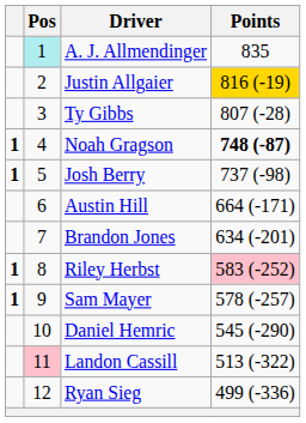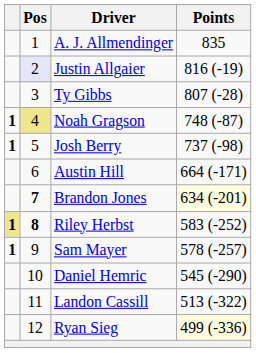 <table class="wikitable" style="font-size: 95%;">
 <tr>
 <th></th>
 <th>Pos</th>
 <th>Driver</th>
 <th>Points</th>
 </tr>
 <tr>
 <td align="left"></td>
-<td style="background: paleturquoise; text-align:center;">1</td>
+<td style="text-align:center;">1</td>
 <td><a href='#'>A. J. Allmendinger</a></td>
 <td style="text-align:center;">835</td>
 </tr>
 <tr>
 <td align="left"></td>
-<td style="text-align:center;">2</td>
+<td style="background: lavender; text-align:center;">2</td>
 <td><a href='#'>Justin Allgaier</a></td>
-<td style="background: gold; text-align:center;">816 (-19)</td>
+<td style="text-align:center;">816 (-19)</td>
 </tr>
 <tr>
 <td align="left"></td>
 <td style="text-align:center;">3</td>
 <td><a href='#'>Ty Gibbs</a></td>
 <td style="text-align:center;">807 (-28)</td>
 </tr>
 <tr>
 <td align="left"> <strong>1</strong></td>
-<td style="text-align:center;">4</td>
+<td style="background: khaki; text-align:center;">4</td>
 <td><a href='#'>Noah Gragson</a></td>
-<td style="text-align:center;"><strong>748 (-87)</strong></td>
+<td style="text-align:center;">748 (-87)</td>
 </tr>
 <tr>
 <td align="left"> <strong>1</strong></td>
 <td style="text-align:center;">5</td>
 <td><a href='#'>Josh Berry</a></td>
 <td style="text-align:center;">737 (-98)</td>
 </tr>
 <tr>
 <td align="left"></td>
 <td style="text-align:center;">6</td>
 <td><a href='#'>Austin Hill</a></td>
 <td style="text-align:center;">664 (-171)</td>
 </tr>
 <tr>
 <td align="left"></td>
-<td style="text-align:center;">7</td>
+<td style="text-align:center;"><strong>7</strong></td>
 <td><a href='#'>Brandon Jones</a></td>
-<td style="text-align:center;">634 (-201)</td>
+<td style="background: lightyellow; text-align:center;">634 (-201)</td>
 </tr>
 <tr>
-<td align="left"> <strong>1</strong></td>
-<td style="text-align:center;">8</td>
+<td align="left" style="background: khaki;"> <strong>1</strong></td>
+<td style="text-align:center;"><strong>8</strong></td>
 <td><a href='#'>Riley Herbst</a></td>
-<td style="background: pink; text-align:center;">583 (-252)</td>
+<td style="text-align:center;">583 (-252)</td>
 </tr>
 <tr>
 <td align="left"> <strong>1</strong></td>
 <td style="text-align:center;">9</td>
 <td><a href='#'>Sam Mayer</a></td>
 <td style="text-align:center;">578 (-257)</td>
 </tr>
 <tr>
 <td align="left"></td>
 <td style="text-align:center;">10</td>
 <td><a href='#'>Daniel Hemric</a></td>
 <td style="text-align:center;">545 (-290)</td>
 </tr>
 <tr>
 <td align="left"></td>
-<td style="background: pink; text-align:center;">11</td>
+<td style="text-align:center;">11</td>
 <td><a href='#'>Landon Cassill</a></td>
 <td style="text-align:center;">513 (-322)</td>
 </tr>
 <tr>
 <td align="left"></td>
 <td style="text-align:center;">12</td>
 <td><a href='#'>Ryan Sieg</a></td>
-<td style="text-align:center;">499 (-336)</td>
+<td style="background: lightyellow; text-align:center;">499 (-336)</td>
 </tr>
 <tr class="sortbottom">
 <th colspan="9"></th>
 </tr>
 </table>
